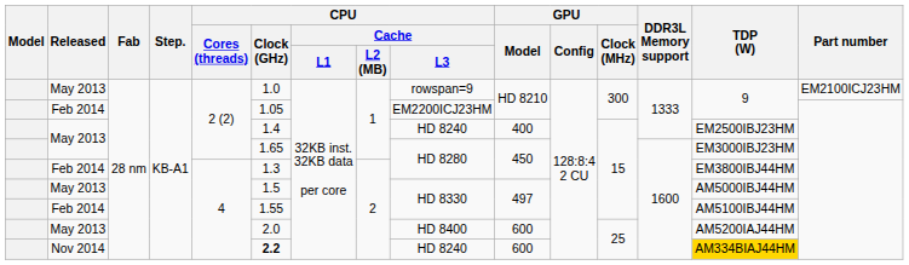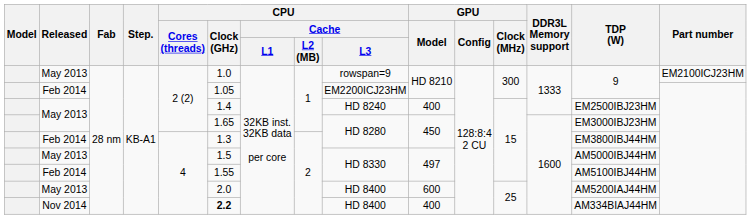 <table class="wikitable sortable sort-under" style="text-align: center">
 <tr>
 <th rowspan=3>Model</th>
 <th rowspan=3>Released</th>
 <th rowspan=3>Fab</th>
 <th rowspan=3>Step.</th>
 <th colspan=5>CPU</th>
 <th colspan=3>GPU</th>
 <th rowspan=3>DDR3L<br>Memory<br>support</th>
 <th rowspan=3>TDP<br>(W)</th>
 <th rowspan=3>Part number</th>
 </tr>
 <tr>
 <th rowspan=2><a href='#'>Cores</a><br><a href='#'>(threads)</a></th>
 <th rowspan=2>Clock<br>(GHz)</th>
 <th colspan=3><a href='#'>Cache</a></th>
 <th rowspan=2>Model</th>
 <th rowspan=2>Config</th>
 <th rowspan=2>Clock<br>(MHz)</th>
 </tr>
 <tr>
 <th><a href='#'>L1</a></th>
 <th><a href='#'>L2</a><br>(MB)</th>
 <th><a href='#'>L3</a></th>
 </tr>
 <tr>
 <th></th>
 <td>May 2013</td>
 <td rowspan=9>28 nm</td>
 <td rowspan=9>KB-A1</td>
 <td rowspan=4>2 (2)</td>
 <td>1.0</td>
 <td rowspan=9>32KB inst.<br>32KB data<br><br>per core</td>
 <td rowspan=4>1</td>
 <td>rowspan=9 </td>
 <td rowspan=2>HD 8210</td>
 <td rowspan=9>128:8:4<br>2 CU</td>
 <td rowspan=2>300</td>
 <td rowspan=3>1333</td>
 <td rowspan=2>9</td>
 <td>EM2100ICJ23HM</td>
 </tr>
 <tr>
 <th></th>
 <td>Feb 2014</td>
 <td>1.05</td>
 <td>EM2200ICJ23HM</td>
 </tr>
 <tr>
 <th></th>
 <td rowspan=2>May 2013</td>
 <td>1.4</td>
 <td>HD 8240</td>
 <td>400</td>
 <td rowspan=5>15</td>
 <td>EM2500IBJ23HM</td>
 </tr>
 <tr>
 <th></th>
 <td>1.65</td>
 <td rowspan=2>HD 8280</td>
 <td rowspan=2>450</td>
 <td rowspan=6>1600</td>
 <td>EM3000IBJ23HM</td>
 </tr>
 <tr>
 <th></th>
 <td>Feb 2014</td>
 <td rowspan=5>4</td>
 <td>1.3</td>
 <td rowspan=5>2</td>
 <td>EM3800IBJ44HM</td>
 </tr>
 <tr>
 <th></th>
 <td>May 2013</td>
 <td>1.5</td>
 <td rowspan=2>HD 8330</td>
 <td rowspan=2>497</td>
 <td>AM5000IBJ44HM</td>
 </tr>
 <tr>
 <th></th>
 <td>Feb 2014</td>
 <td>1.55</td>
 <td>AM5100IBJ44HM</td>
 </tr>
 <tr>
 <th></th>
 <td>May 2013</td>
 <td>2.0</td>
 <td>HD 8400</td>
 <td>600</td>
 <td rowspan=2>25</td>
 <td>AM5200IAJ44HM</td>
 </tr>
 <tr>
 <th></th>
 <td>Nov 2014</td>
 <td><strong>2.2</strong></td>
-<td>HD 8240</td>
-<td>600</td>
-<td style="background: gold;">AM334BIAJ44HM</td>
+<td>HD 8400</td>
+<td>400</td>
+<td>AM334BIAJ44HM</td>
 </tr>
 </table>
